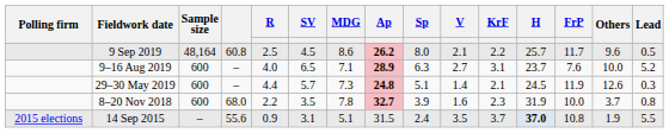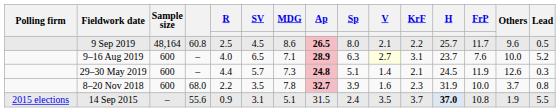 <table class="wikitable sortable" style="text-align:center;font-size:90%;line-height:14px;">
 <tr style="height:40px;">
 <th style="width:100px;" rowspan="2">Polling firm</th>
 <th style="width:100px;" rowspan="2">Fieldwork date</th>
 <th style="width:35px;" rowspan="2">Sample<br>size</th>
 <th style="width:30px;" rowspan="2"></th>
 <th class="unsortable" style="width:40px;"><a href='#'>R</a></th>
 <th class="unsortable" style="width:40px;"><a href='#'>SV</a></th>
 <th class="unsortable" style="width:40px;"><a href='#'>MDG</a></th>
 <th class="unsortable" style="width:40px;"><a href='#'>Ap</a></th>
 <th class="unsortable" style="width:40px;"><a href='#'>Sp</a></th>
 <th class="unsortable" style="width:40px;"><a href='#'>V</a></th>
 <th class="unsortable" style="width:40px;"><a href='#'>KrF</a></th>
 <th class="unsortable" style="width:40px;"><a href='#'>H</a></th>
 <th class="unsortable" style="width:40px;"><a href='#'>FrP</a></th>
 <th class="unsortable" style="width:30px;" rowspan="2">Others</th>
 <th style="width:30px;" rowspan="2">Lead</th>
 </tr>
 <tr>
 <th style="background:"></th>
 <th style="background:"></th>
 <th style="background:"></th>
 <th style="background:"></th>
 <th style="background:"></th>
 <th style="background:"></th>
 <th style="background:"></th>
 <th style="background:"></th>
 <th style="background:"></th>
 </tr>
 <tr style="background:#E9E9E9;">
 <td></td>
 <td data-sort-value="2019-09-09">9 Sep 2019</td>
 <td>48,164</td>
 <td>60.8</td>
 <td>2.5</td>
 <td>4.5</td>
 <td>8.6</td>
-<td style="background:#F7BDC5;"><strong>26.2</strong></td>
+<td style="background:#F7BDC5;"><strong>26.5</strong></td>
 <td>8.0</td>
 <td>2.1</td>
 <td>2.2</td>
 <td>25.7</td>
 <td>11.7</td>
 <td>9.6</td>
 <td style="background:">0.5</td>
 </tr>
 <tr>
 <td></td>
 <td data-sort-value="2019-08-20">9–16 Aug 2019</td>
 <td>600</td>
 <td>–</td>
 <td>4.0</td>
 <td>6.5</td>
 <td>7.1</td>
 <td style="background:#F7BDC5;"><strong>28.9</strong></td>
 <td>6.3</td>
-<td>2.7</td>
+<td style="background: lightyellow;">2.7</td>
 <td>3.1</td>
 <td>23.7</td>
 <td>7.6</td>
 <td>10.0</td>
 <td style="background:">5.2</td>
 </tr>
 <tr>
 <td></td>
 <td data-sort-value="2019-05-30">29–30 May 2019</td>
 <td>600</td>
 <td>–</td>
 <td>4.4</td>
 <td>5.7</td>
 <td>7.3</td>
 <td style="background:#F7BDC5;"><strong>24.8</strong></td>
 <td>5.1</td>
 <td>1.4</td>
 <td>2.1</td>
 <td>24.5</td>
 <td>11.9</td>
 <td>12.6</td>
 <td style="background:">0.3</td>
 </tr>
 <tr>
 <td></td>
 <td data-sort-value="2018-11-20">8–20 Nov 2018</td>
 <td>600</td>
 <td>68.0</td>
 <td>2.2</td>
 <td>3.5</td>
 <td>7.8</td>
 <td style="background:#F7BDC5;"><strong>32.7</strong></td>
 <td>3.9</td>
 <td>1.6</td>
 <td>2.3</td>
 <td>31.9</td>
 <td>10.0</td>
 <td>3.7</td>
 <td style="background:">0.8</td>
 </tr>
 <tr style="background:#E9E9E9;">
 <td><a href='#'>2015 elections</a></td>
 <td data-sort-value="2015-09-14">14 Sep 2015</td>
 <td>–</td>
 <td>55.6</td>
 <td>0.9</td>
 <td>3.1</td>
 <td>5.1</td>
 <td>31.5</td>
 <td>2.4</td>
 <td>3.5</td>
 <td>3.7</td>
 <td style="background:#DCE7F3;"><strong>37.0</strong></td>
 <td>10.8</td>
 <td>1.9</td>
 <td style="background:">5.5</td>
 </tr>
 </table>
